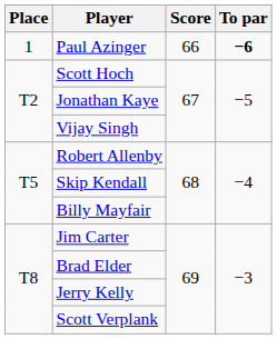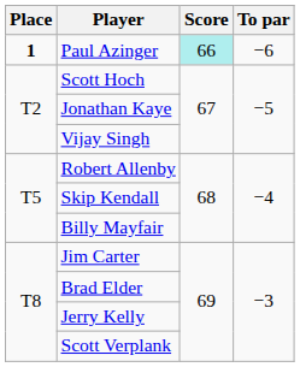 <table class="wikitable">
 <tr>
 <th>Place</th>
 <th>Player</th>
 <th>Score</th>
 <th>To par</th>
 </tr>
 <tr>
-<td align=center>1</td>
+<td align=center><strong>1</strong></td>
 <td> <a href='#'>Paul Azinger</a></td>
-<td align=center>66</td>
-<td align=center><strong>−6</strong></td>
+<td align=center style="background: paleturquoise;">66</td>
+<td align=center>−6</td>
 </tr>
 <tr>
 <td rowspan=3 align=center>T2</td>
 <td> <a href='#'>Scott Hoch</a></td>
 <td rowspan=3 align=center>67</td>
 <td rowspan=3 align=center>−5</td>
 </tr>
 <tr>
 <td> <a href='#'>Jonathan Kaye</a></td>
 </tr>
 <tr>
 <td> <a href='#'>Vijay Singh</a></td>
 </tr>
 <tr>
 <td rowspan=3 align=center>T5</td>
 <td> <a href='#'>Robert Allenby</a></td>
 <td rowspan=3 align=center>68</td>
 <td rowspan=3 align=center>−4</td>
 </tr>
 <tr>
 <td> <a href='#'>Skip Kendall</a></td>
 </tr>
 <tr>
 <td> <a href='#'>Billy Mayfair</a></td>
 </tr>
 <tr>
 <td rowspan=4 align=center>T8</td>
 <td> <a href='#'>Jim Carter</a></td>
 <td rowspan=4 align=center>69</td>
 <td rowspan=4 align=center>−3</td>
 </tr>
 <tr>
 <td> <a href='#'>Brad Elder</a></td>
 </tr>
 <tr>
 <td> <a href='#'>Jerry Kelly</a></td>
 </tr>
 <tr>
 <td> <a href='#'>Scott Verplank</a></td>
 </tr>
 </table>
